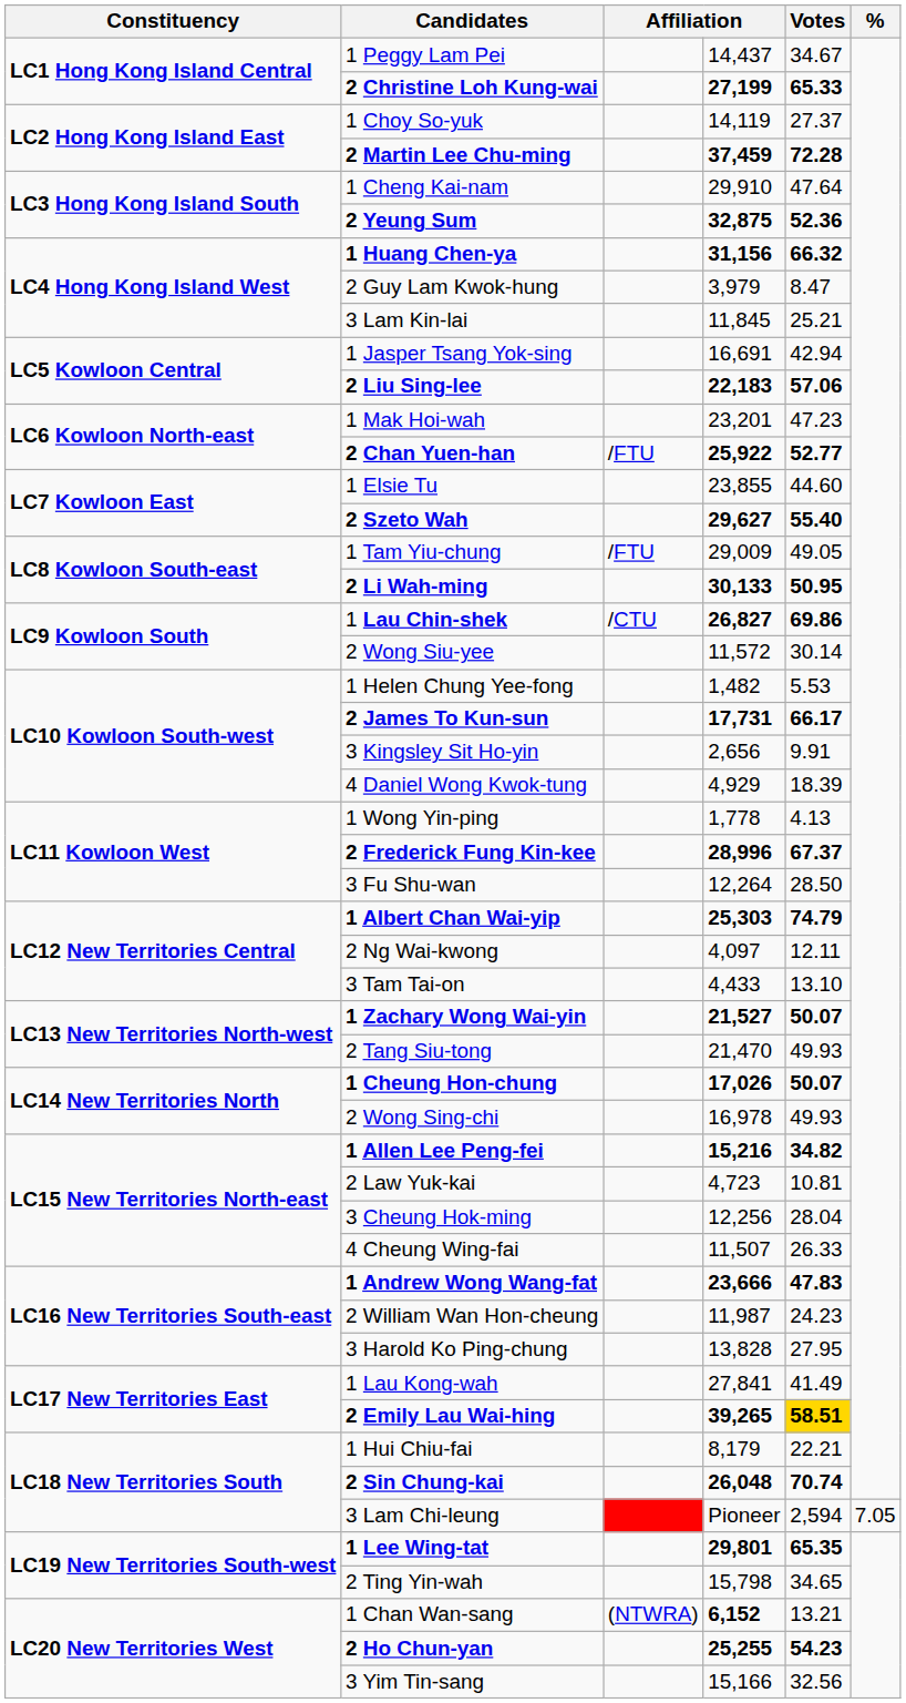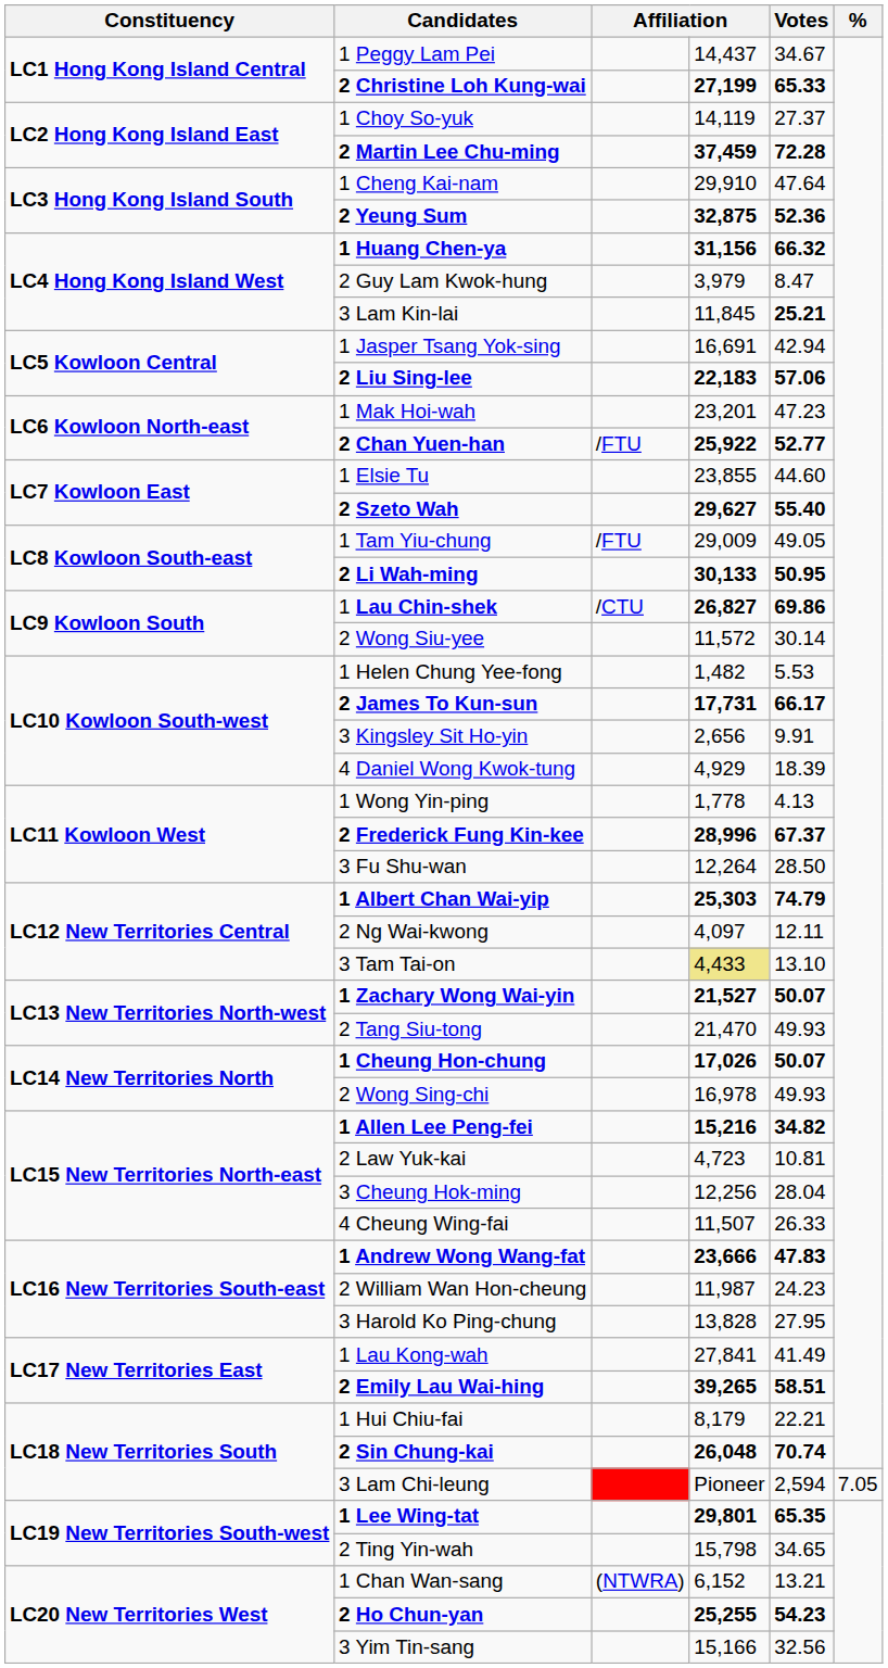 <table class="wikitable">
 <tr>
 <th>Constituency</th>
 <th>Candidates</th>
 <th colspan=2>Affiliation</th>
 <th>Votes</th>
 <th>%</th>
 </tr>
 <tr>
 <td rowspan=2><strong>LC1 <a href='#'>Hong Kong Island Central</a></strong></td>
 <td>1 <a href='#'>Peggy Lam Pei</a></td>
 <td></td>
 <td>14,437</td>
 <td>34.67</td>
 </tr>
 <tr>
 <td><strong>2 <a href='#'>Christine Loh Kung-wai</a></strong></td>
 <td></td>
 <td><strong>27,199</strong></td>
 <td><strong>65.33</strong></td>
 </tr>
 <tr>
 <td rowspan=2><strong>LC2 <a href='#'>Hong Kong Island East</a></strong></td>
 <td>1 <a href='#'>Choy So-yuk</a></td>
 <td></td>
 <td>14,119</td>
 <td>27.37</td>
 </tr>
 <tr>
 <td><strong>2 <a href='#'>Martin Lee Chu-ming</a></strong></td>
 <td></td>
 <td><strong>37,459</strong></td>
 <td><strong>72.28</strong></td>
 </tr>
 <tr>
 <td rowspan=2><strong>LC3 <a href='#'>Hong Kong Island South</a></strong></td>
 <td>1 <a href='#'>Cheng Kai-nam</a></td>
 <td></td>
 <td>29,910</td>
 <td>47.64</td>
 </tr>
 <tr>
 <td><strong>2 <a href='#'>Yeung Sum</a></strong></td>
 <td></td>
 <td><strong>32,875</strong></td>
 <td><strong>52.36</strong></td>
 </tr>
 <tr>
 <td rowspan=3><strong>LC4 <a href='#'>Hong Kong Island West</a></strong></td>
 <td><strong>1 <a href='#'>Huang Chen-ya</a></strong></td>
 <td></td>
 <td><strong>31,156</strong></td>
 <td><strong>66.32</strong></td>
 </tr>
 <tr>
 <td>2 Guy Lam Kwok-hung</td>
 <td></td>
 <td>3,979</td>
 <td>8.47</td>
 </tr>
 <tr>
 <td>3 Lam Kin-lai</td>
 <td></td>
 <td>11,845</td>
-<td>25.21</td>
+<td><strong>25.21</strong></td>
 </tr>
 <tr>
 <td rowspan=2><strong>LC5 <a href='#'>Kowloon Central</a></strong></td>
 <td>1 <a href='#'>Jasper Tsang Yok-sing</a></td>
 <td></td>
 <td>16,691</td>
 <td>42.94</td>
 </tr>
 <tr>
 <td><strong>2 <a href='#'>Liu Sing-lee</a></strong></td>
 <td></td>
 <td><strong>22,183</strong></td>
 <td><strong>57.06</strong></td>
 </tr>
 <tr>
 <td rowspan=2><strong>LC6 <a href='#'>Kowloon North-east</a></strong></td>
 <td>1 <a href='#'>Mak Hoi-wah</a></td>
 <td></td>
 <td>23,201</td>
 <td>47.23</td>
 </tr>
 <tr>
 <td><strong>2 <a href='#'>Chan Yuen-han</a></strong></td>
 <td>/<a href='#'>FTU</a></td>
 <td><strong>25,922</strong></td>
 <td><strong>52.77</strong></td>
 </tr>
 <tr>
 <td rowspan=2><strong>LC7 <a href='#'>Kowloon East</a></strong></td>
 <td>1 <a href='#'>Elsie Tu</a></td>
 <td></td>
 <td>23,855</td>
 <td>44.60</td>
 </tr>
 <tr>
 <td><strong>2 <a href='#'>Szeto Wah</a></strong></td>
 <td></td>
 <td><strong>29,627</strong></td>
 <td><strong>55.40</strong></td>
 </tr>
 <tr>
 <td rowspan=2><strong>LC8 <a href='#'>Kowloon South-east</a></strong></td>
 <td>1 <a href='#'>Tam Yiu-chung</a></td>
 <td>/<a href='#'>FTU</a></td>
 <td>29,009</td>
 <td>49.05</td>
 </tr>
 <tr>
 <td><strong>2 <a href='#'>Li Wah-ming</a></strong></td>
 <td></td>
 <td><strong>30,133</strong></td>
 <td><strong>50.95</strong></td>
 </tr>
 <tr>
 <td rowspan=2><strong>LC9 <a href='#'>Kowloon South</a></strong></td>
 <td>1 <strong><a href='#'>Lau Chin-shek</a></strong></td>
 <td>/<a href='#'>CTU</a></td>
 <td><strong>26,827</strong></td>
 <td><strong>69.86</strong></td>
 </tr>
 <tr>
 <td>2 <a href='#'>Wong Siu-yee</a></td>
 <td></td>
 <td>11,572</td>
 <td>30.14</td>
 </tr>
 <tr>
 <td rowspan=4><strong>LC10 <a href='#'>Kowloon South-west</a></strong></td>
 <td>1 Helen Chung Yee-fong</td>
 <td></td>
 <td>1,482</td>
 <td>5.53</td>
 </tr>
 <tr>
 <td><strong>2 <a href='#'>James To Kun-sun</a></strong></td>
 <td></td>
 <td><strong>17,731</strong></td>
 <td><strong>66.17</strong></td>
 </tr>
 <tr>
 <td>3 <a href='#'>Kingsley Sit Ho-yin</a></td>
 <td></td>
 <td>2,656</td>
 <td>9.91</td>
 </tr>
 <tr>
 <td>4 <a href='#'>Daniel Wong Kwok-tung</a></td>
 <td></td>
 <td>4,929</td>
 <td>18.39</td>
 </tr>
 <tr>
 <td rowspan=3><strong>LC11 <a href='#'>Kowloon West</a></strong></td>
 <td>1 Wong Yin-ping</td>
 <td></td>
 <td>1,778</td>
 <td>4.13</td>
 </tr>
 <tr>
 <td><strong>2 <a href='#'>Frederick Fung Kin-kee</a></strong></td>
 <td></td>
 <td><strong>28,996</strong></td>
 <td><strong>67.37</strong></td>
 </tr>
 <tr>
 <td>3 Fu Shu-wan</td>
 <td></td>
 <td>12,264</td>
 <td>28.50</td>
 </tr>
 <tr>
 <td rowspan=3><strong>LC12 <a href='#'>New Territories Central</a></strong></td>
 <td><strong>1 <a href='#'>Albert Chan Wai-yip</a></strong></td>
 <td></td>
 <td><strong>25,303</strong></td>
 <td><strong>74.79</strong></td>
 </tr>
 <tr>
 <td>2 Ng Wai-kwong</td>
 <td></td>
 <td>4,097</td>
 <td>12.11</td>
 </tr>
 <tr>
 <td>3 Tam Tai-on</td>
 <td></td>
-<td>4,433</td>
+<td style="background: khaki;">4,433</td>
 <td>13.10</td>
 </tr>
 <tr>
 <td rowspan=2><strong>LC13 <a href='#'>New Territories North-west</a></strong></td>
 <td><strong>1 <a href='#'>Zachary Wong Wai-yin</a></strong></td>
 <td></td>
 <td><strong>21,527</strong></td>
 <td><strong>50.07</strong></td>
 </tr>
 <tr>
 <td>2 <a href='#'>Tang Siu-tong</a></td>
 <td></td>
 <td>21,470</td>
 <td>49.93</td>
 </tr>
 <tr>
 <td rowspan=2><strong>LC14 <a href='#'>New Territories North</a></strong></td>
 <td><strong>1 <a href='#'>Cheung Hon-chung</a></strong></td>
 <td></td>
 <td><strong>17,026</strong></td>
 <td><strong>50.07</strong></td>
 </tr>
 <tr>
 <td>2 <a href='#'>Wong Sing-chi</a></td>
 <td></td>
 <td>16,978</td>
 <td>49.93</td>
 </tr>
 <tr>
 <td rowspan=4><strong>LC15 <a href='#'>New Territories North-east</a></strong></td>
 <td><strong>1 <a href='#'>Allen Lee Peng-fei</a></strong></td>
 <td></td>
 <td><strong>15,216</strong></td>
 <td><strong>34.82</strong></td>
 </tr>
 <tr>
 <td>2 Law Yuk-kai</td>
 <td></td>
 <td>4,723</td>
 <td>10.81</td>
 </tr>
 <tr>
 <td>3 <a href='#'>Cheung Hok-ming</a></td>
 <td></td>
 <td>12,256</td>
 <td>28.04</td>
 </tr>
 <tr>
 <td>4 Cheung Wing-fai</td>
 <td></td>
 <td>11,507</td>
 <td>26.33</td>
 </tr>
 <tr>
 <td rowspan=3><strong>LC16 <a href='#'>New Territories South-east</a></strong></td>
 <td><strong>1 <a href='#'>Andrew Wong Wang-fat</a></strong></td>
 <td></td>
 <td><strong>23,666</strong></td>
 <td><strong>47.83</strong></td>
 </tr>
 <tr>
 <td>2 William Wan Hon-cheung</td>
 <td></td>
 <td>11,987</td>
 <td>24.23</td>
 </tr>
 <tr>
 <td>3 Harold Ko Ping-chung</td>
 <td></td>
 <td>13,828</td>
 <td>27.95</td>
 </tr>
 <tr>
 <td rowspan=2><strong>LC17 <a href='#'>New Territories East</a></strong></td>
 <td>1 <a href='#'>Lau Kong-wah</a></td>
 <td></td>
 <td>27,841</td>
 <td>41.49</td>
 </tr>
 <tr>
 <td><strong>2 <a href='#'>Emily Lau Wai-hing</a></strong></td>
 <td></td>
 <td><strong>39,265</strong></td>
-<td style="background: gold;"><strong>58.51</strong></td>
+<td><strong>58.51</strong></td>
 </tr>
 <tr>
 <td rowspan=3><strong>LC18 <a href='#'>New Territories South</a></strong></td>
 <td>1 Hui Chiu-fai</td>
 <td></td>
 <td>8,179</td>
 <td>22.21</td>
 </tr>
 <tr>
 <td><strong>2 <a href='#'>Sin Chung-kai</a></strong></td>
 <td></td>
 <td><strong>26,048</strong></td>
 <td><strong>70.74</strong></td>
 </tr>
 <tr>
 <td>3 Lam Chi-leung</td>
 <td bgcolor="red"></td>
 <td>Pioneer</td>
 <td>2,594</td>
 <td>7.05</td>
 </tr>
 <tr>
 <td rowspan=2><strong>LC19 <a href='#'>New Territories South-west</a></strong></td>
 <td><strong>1 <a href='#'>Lee Wing-tat</a></strong></td>
 <td></td>
 <td><strong>29,801</strong></td>
 <td><strong>65.35</strong></td>
 </tr>
 <tr>
 <td>2 Ting Yin-wah</td>
 <td></td>
 <td>15,798</td>
 <td>34.65</td>
 </tr>
 <tr>
 <td rowspan=3><strong>LC20 <a href='#'>New Territories West</a></strong></td>
 <td>1 Chan Wan-sang</td>
 <td> (<a href='#'>NTWRA</a>)</td>
-<td><strong>6,152</strong></td>
+<td>6,152</td>
 <td>13.21</td>
 </tr>
 <tr>
 <td><strong>2 <a href='#'>Ho Chun-yan</a></strong></td>
 <td></td>
 <td><strong>25,255</strong></td>
 <td><strong>54.23</strong></td>
 </tr>
 <tr>
 <td>3 Yim Tin-sang</td>
 <td></td>
 <td>15,166</td>
 <td>32.56</td>
 </tr>
 </table>
